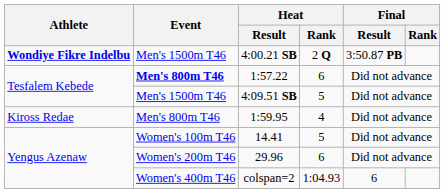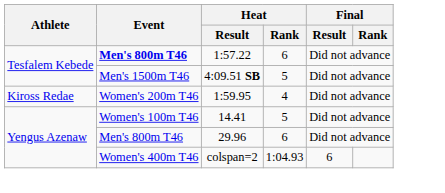 <table class="wikitable" style="font-size:90%">
 <tr>
 <th rowspan="2">Athlete</th>
 <th rowspan="2">Event</th>
 <th colspan="2">Heat</th>
 <th colspan="2">Final</th>
 </tr>
 <tr>
 <th>Result</th>
 <th>Rank</th>
 <th>Result</th>
 <th>Rank</th>
-</tr>
-<tr align=center>
-<td align=left><strong><a href='#'>Wondiye Fikre Indelbu</a></strong></td>
-<td align=left><a href='#'>Men's 1500m T46</a></td>
-<td>4:00.21 <strong>SB</strong></td>
-<td>2 <strong>Q</strong></td>
-<td>3:50.87 <strong>PB</strong></td>
-<td></td>
 </tr>
 <tr align=center>
 <td align=left rowspan=2><a href='#'>Tesfalem Kebede</a></td>
 <td align=left><strong><a href='#'>Men's 800m T46</a></strong></td>
 <td>1:57.22</td>
 <td>6</td>
 <td colspan=2>Did not advance</td>
 </tr>
 <tr align=center>
 <td align=left><a href='#'>Men's 1500m T46</a></td>
 <td>4:09.51 <strong>SB</strong></td>
 <td>5</td>
 <td colspan=2>Did not advance</td>
 </tr>
 <tr align=center>
 <td align=left><a href='#'>Kiross Redae</a></td>
-<td align=left><a href='#'>Men's 800m T46</a></td>
+<td align=left><a href='#'>Women's 200m T46</a></td>
 <td>1:59.95</td>
 <td>4</td>
 <td colspan=2>Did not advance</td>
 </tr>
 <tr align=center>
 <td align=left rowspan=3><a href='#'>Yengus Azenaw</a></td>
 <td align=left><a href='#'>Women's 100m T46</a></td>
 <td>14.41</td>
 <td>5</td>
 <td colspan=2>Did not advance</td>
 </tr>
 <tr align=center>
-<td align=left><a href='#'>Women's 200m T46</a></td>
+<td align=left><a href='#'>Men's 800m T46</a></td>
 <td>29.96</td>
 <td>6</td>
 <td colspan=2>Did not advance</td>
 </tr>
 <tr align=center>
 <td align=left><a href='#'>Women's 400m T46</a></td>
 <td>colspan=2 </td>
 <td>1:04.93</td>
 <td>6</td>
 </tr>
 </table>
